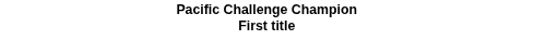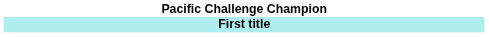 <table cellspacing=0 width=100% style="text-align:center; font-weight:bold;">
 <tr>
 <td></td>
 </tr>
 <tr>
 <td>Pacific Challenge Champion</td>
 </tr>
 <tr>
-<td>First title</td>
+<td style="background: paleturquoise;">First title</td>
 </tr>
 </table>
